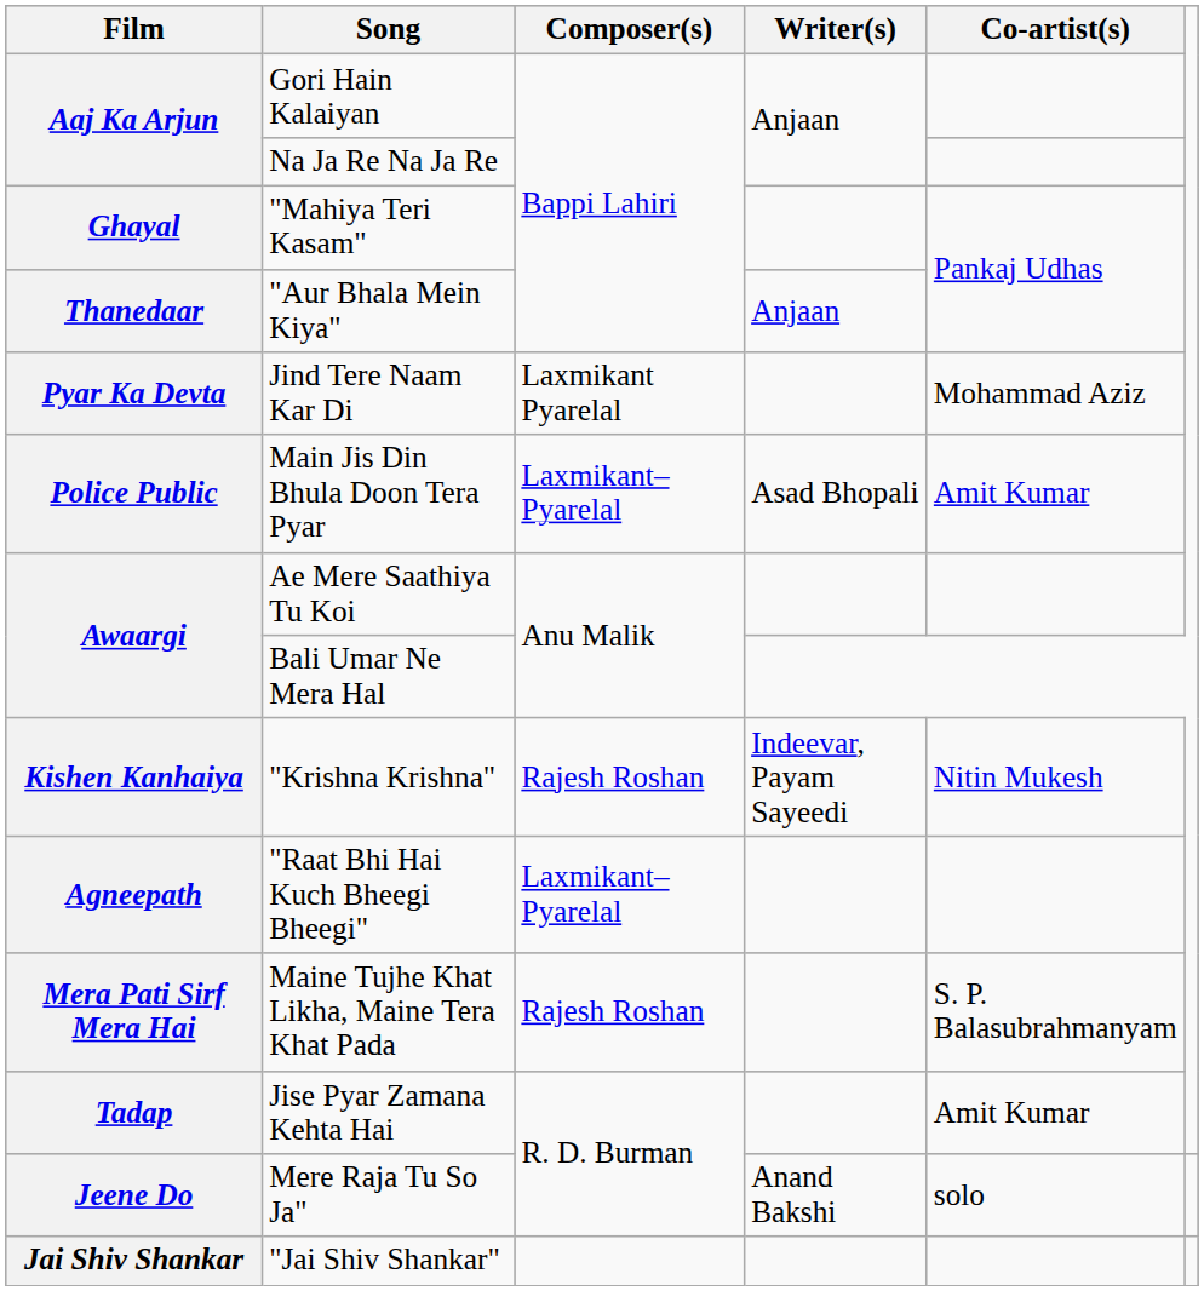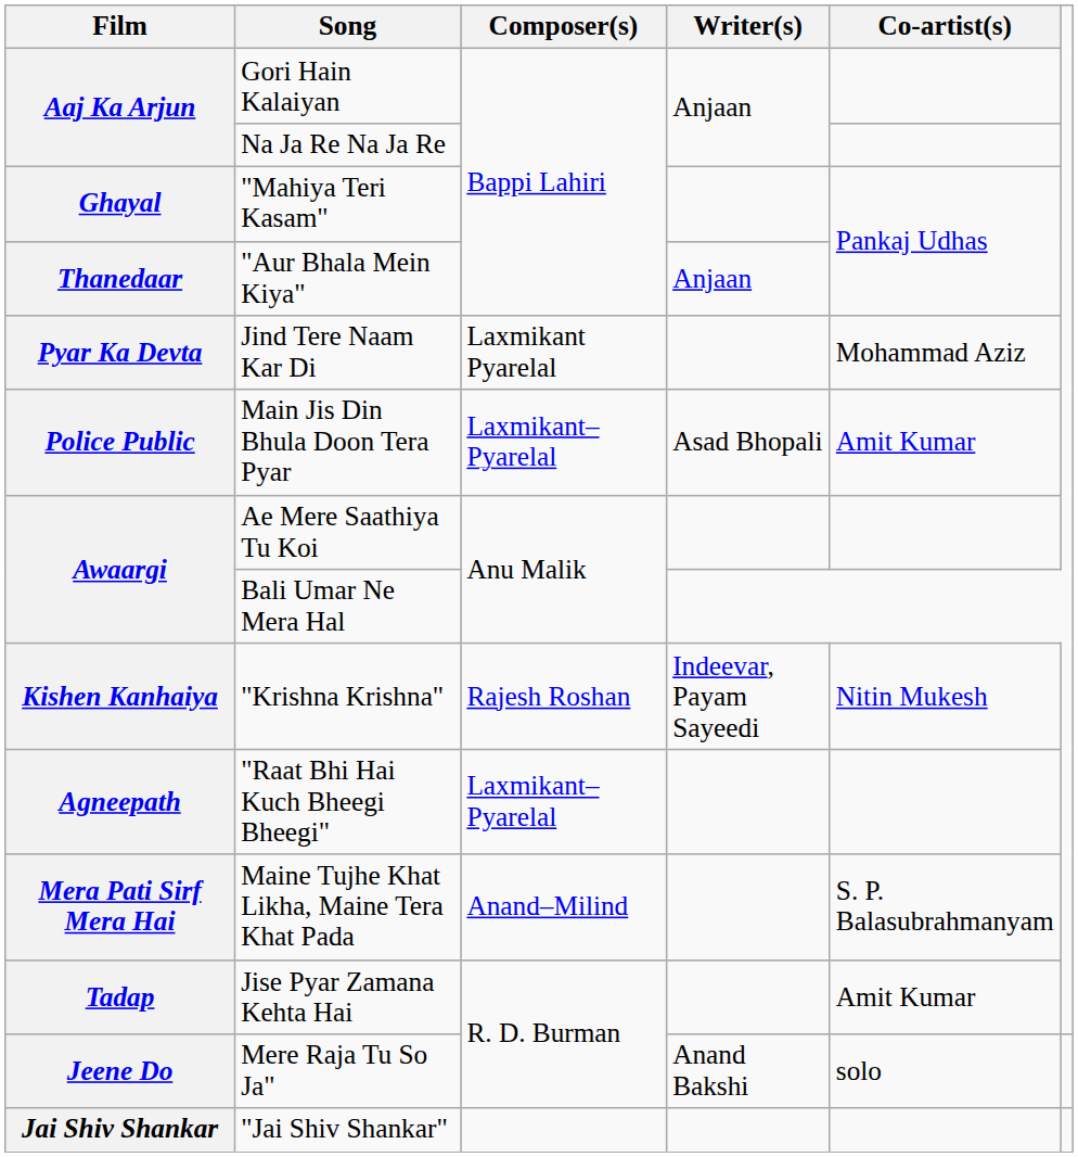 <table class="wikitable plainrowheaders" style="width:100%; textcolor:#000">
 <tr style="background:#b0e0e66;">
 <th scope="col" style="width:23%;"><strong>Film</strong></th>
 <th scope="col" style="width:23%;"><strong>Song</strong></th>
 <th scope="col" style="width:20%;"><strong>Composer(s)</strong></th>
 <th scope="col" style="width:16%;"><strong>Writer(s)</strong></th>
 <th scope="col" style="width:18%;"><strong>Co-artist(s)</strong></th>
 </tr>
 <tr>
 <th Rowspan=2><em><a href='#'>Aaj Ka Arjun</a></em></th>
 <td>Gori Hain Kalaiyan</td>
 <td rowspan=4><a href='#'>Bappi Lahiri</a></td>
 <td rowspan=2>Anjaan</td>
 <td></td>
 </tr>
 <tr>
 <td>Na Ja Re Na Ja Re</td>
 <td></td>
 </tr>
 <tr>
 <th><em><a href='#'>Ghayal</a></em></th>
 <td>"Mahiya Teri Kasam"</td>
 <td></td>
 <td rowspan=2><a href='#'>Pankaj Udhas</a></td>
 </tr>
 <tr>
 <th><em><a href='#'>Thanedaar</a></em></th>
 <td>"Aur Bhala Mein Kiya"</td>
 <td><a href='#'>Anjaan</a></td>
 </tr>
 <tr>
 <th><em><a href='#'>Pyar Ka Devta</a></em></th>
 <td>Jind Tere Naam Kar Di</td>
 <td>Laxmikant Pyarelal</td>
 <td></td>
 <td>Mohammad Aziz</td>
 </tr>
 <tr>
 <th><em><a href='#'>Police Public</a></em></th>
 <td>Main Jis Din Bhula Doon Tera Pyar</td>
 <td><a href='#'>Laxmikant–Pyarelal</a></td>
 <td>Asad Bhopali</td>
 <td><a href='#'>Amit Kumar</a></td>
 </tr>
 <tr>
 <th Rowspan=2><em><a href='#'>Awaargi</a></em></th>
 <td>Ae Mere Saathiya Tu Koi</td>
 <td rowspan=2>Anu Malik</td>
 <td></td>
 <td></td>
 </tr>
 <tr>
 <td>Bali Umar Ne Mera Hal</td>
 </tr>
 <tr>
 <th><em><a href='#'>Kishen Kanhaiya</a></em></th>
 <td>"Krishna Krishna"</td>
 <td><a href='#'>Rajesh Roshan</a></td>
 <td><a href='#'>Indeevar</a>, Payam Sayeedi</td>
 <td><a href='#'>Nitin Mukesh</a></td>
 </tr>
 <tr>
 <th><em><a href='#'>Agneepath</a></em></th>
 <td>"Raat Bhi Hai Kuch Bheegi Bheegi"</td>
 <td><a href='#'>Laxmikant–Pyarelal</a></td>
 <td></td>
 <td></td>
 </tr>
 <tr>
 <th><em><a href='#'>Mera Pati Sirf Mera Hai</a></em></th>
 <td>Maine Tujhe Khat Likha, Maine Tera Khat Pada</td>
-<td><a href='#'>Rajesh Roshan</a></td>
+<td><a href='#'>Anand–Milind</a></td>
 <td></td>
 <td>S. P. Balasubrahmanyam</td>
 </tr>
 <tr>
 <th><em><a href='#'>Tadap</a></em></th>
 <td>Jise Pyar Zamana Kehta Hai</td>
 <td rowspan=2>R. D. Burman</td>
 <td></td>
 <td>Amit Kumar</td>
 </tr>
 <tr>
 <th><em><a href='#'>Jeene Do</a></em></th>
 <td>Mere Raja Tu So Ja"</td>
 <td>Anand Bakshi</td>
 <td>solo</td>
 <td></td>
 </tr>
 <tr>
 <th><em>Jai Shiv Shankar</em></th>
 <td>"Jai Shiv Shankar"</td>
 <td></td>
 <td></td>
 <td></td>
 </tr>
 </table>
